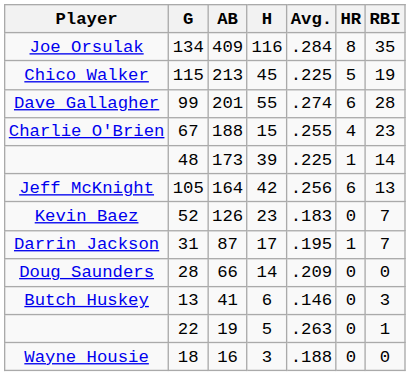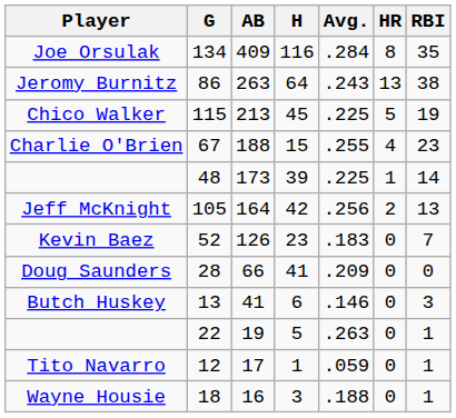 <table class="wikitable sortable">
 <tr>
 <th>Player</th>
 <th>G</th>
 <th>AB</th>
 <th>H</th>
 <th>Avg.</th>
 <th>HR</th>
 <th>RBI</th>
 </tr>
 <tr align="center">
 <td><a href='#'>Joe Orsulak</a></td>
 <td>134</td>
 <td>409</td>
 <td>116</td>
 <td>.284</td>
 <td>8</td>
 <td>35</td>
 </tr>
 <tr align=center>
+<td><a href='#'>Jeromy Burnitz</a></td>
+<td>86</td>
+<td>263</td>
+<td>64</td>
+<td>.243</td>
+<td>13</td>
+<td>38</td>
+</tr>
+<tr align=center>
 <td><a href='#'>Chico Walker</a></td>
 <td>115</td>
 <td>213</td>
 <td>45</td>
 <td>.225</td>
 <td>5</td>
 <td>19</td>
-</tr>
-<tr align=center>
-<td><a href='#'>Dave Gallagher</a></td>
-<td>99</td>
-<td>201</td>
-<td>55</td>
-<td>.274</td>
-<td>6</td>
-<td>28</td>
 </tr>
 <tr align=center>
 <td><a href='#'>Charlie O'Brien</a></td>
 <td>67</td>
 <td>188</td>
 <td>15</td>
 <td>.255</td>
 <td>4</td>
 <td>23</td>
 </tr>
 <tr align=center>
 <td></td>
 <td>48</td>
 <td>173</td>
 <td>39</td>
 <td>.225</td>
 <td>1</td>
 <td>14</td>
 </tr>
 <tr align="center">
 <td><a href='#'>Jeff McKnight</a></td>
 <td>105</td>
 <td>164</td>
 <td>42</td>
 <td>.256</td>
-<td>6</td>
+<td>2</td>
 <td>13</td>
 </tr>
 <tr align=center>
 <td><a href='#'>Kevin Baez</a></td>
 <td>52</td>
 <td>126</td>
 <td>23</td>
 <td>.183</td>
 <td>0</td>
 <td>7</td>
 </tr>
 <tr align=center>
-<td><a href='#'>Darrin Jackson</a></td>
-<td>31</td>
-<td>87</td>
-<td>17</td>
-<td>.195</td>
-<td>1</td>
-<td>7</td>
-</tr>
-<tr align=center>
 <td><a href='#'>Doug Saunders</a></td>
 <td>28</td>
 <td>66</td>
-<td>14</td>
+<td>41</td>
 <td>.209</td>
 <td>0</td>
 <td>0</td>
 </tr>
 <tr align=center>
 <td><a href='#'>Butch Huskey</a></td>
 <td>13</td>
 <td>41</td>
 <td>6</td>
 <td>.146</td>
 <td>0</td>
 <td>3</td>
 </tr>
 <tr align=center>
 <td></td>
 <td>22</td>
 <td>19</td>
 <td>5</td>
 <td>.263</td>
 <td>0</td>
 <td>1</td>
 </tr>
+<tr align="center">
+<td><a href='#'>Tito Navarro</a></td>
+<td>12</td>
+<td>17</td>
+<td>1</td>
+<td>.059</td>
+<td>0</td>
+<td>1</td>
+</tr>
 <tr align=center>
 <td><a href='#'>Wayne Housie</a></td>
 <td>18</td>
 <td>16</td>
 <td>3</td>
 <td>.188</td>
 <td>0</td>
-<td>0</td>
+<td>1</td>
 </tr>
 </table>
